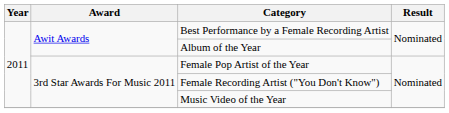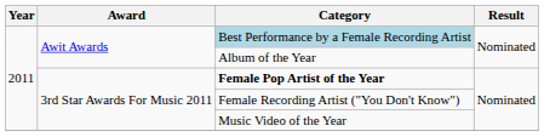 <table class="wikitable">
 <tr>
 <th>Year</th>
 <th>Award</th>
 <th>Category</th>
 <th>Result</th>
 </tr>
 <tr>
 <td rowspan="5">2011</td>
 <td rowspan="2"><a href='#'>Awit Awards</a></td>
-<td>Best Performance by a Female Recording Artist</td>
+<td style="background: lightblue;">Best Performance by a Female Recording Artist</td>
 <td rowspan="2">Nominated</td>
 </tr>
 <tr>
 <td>Album of the Year</td>
 </tr>
 <tr>
 <td rowspan="3">3rd Star Awards For Music 2011</td>
-<td>Female Pop Artist of the Year</td>
+<td><strong>Female Pop Artist of the Year</strong></td>
 <td rowspan="3">Nominated</td>
 </tr>
 <tr>
 <td>Female Recording Artist ("You Don't Know")</td>
 </tr>
 <tr>
 <td>Music Video of the Year</td>
 </tr>
 <tr>
 </tr>
 </table>
